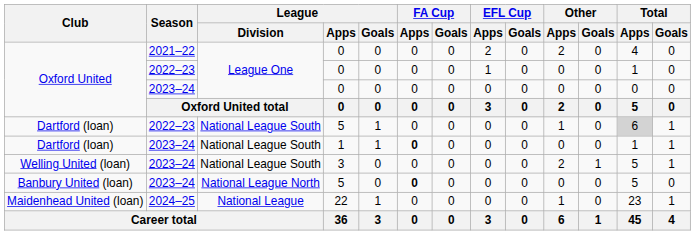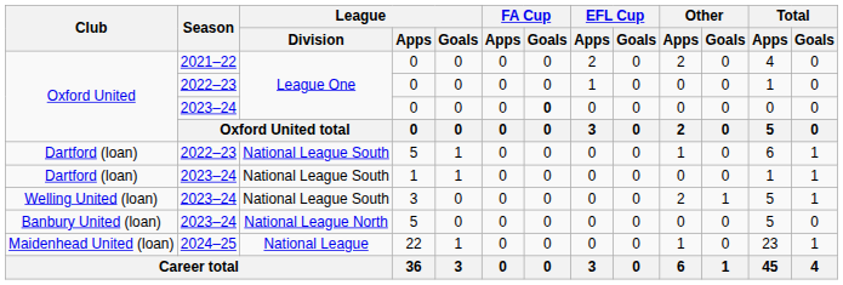 <table class="wikitable" style="text-align:center">
 <tr>
 <th rowspan="2">Club</th>
 <th rowspan="2">Season</th>
 <th colspan="3">League</th>
 <th colspan="2"><a href='#'>FA Cup</a></th>
 <th colspan="2"><a href='#'>EFL Cup</a></th>
 <th colspan="2">Other</th>
 <th colspan="2">Total</th>
 </tr>
 <tr>
 <th>Division</th>
 <th>Apps</th>
 <th>Goals</th>
 <th>Apps</th>
 <th>Goals</th>
 <th>Apps</th>
 <th>Goals</th>
 <th>Apps</th>
 <th>Goals</th>
 <th>Apps</th>
 <th>Goals</th>
 </tr>
 <tr>
 <td rowspan="4"><a href='#'>Oxford United</a></td>
 <td><a href='#'>2021–22</a></td>
 <td rowspan="3"><a href='#'>League One</a></td>
 <td>0</td>
 <td>0</td>
 <td>0</td>
 <td>0</td>
 <td>2</td>
 <td>0</td>
 <td>2</td>
 <td>0</td>
 <td>4</td>
 <td>0</td>
 </tr>
 <tr>
 <td><a href='#'>2022–23</a></td>
 <td>0</td>
 <td>0</td>
 <td>0</td>
 <td>0</td>
 <td>1</td>
 <td>0</td>
 <td>0</td>
 <td>0</td>
 <td>1</td>
 <td>0</td>
 </tr>
 <tr>
 <td><a href='#'>2023–24</a></td>
 <td>0</td>
 <td>0</td>
 <td>0</td>
-<td>0</td>
+<td><strong>0</strong></td>
 <td>0</td>
 <td>0</td>
 <td>0</td>
 <td>0</td>
 <td>0</td>
 <td>0</td>
 </tr>
 <tr>
 <th colspan="2">Oxford United total</th>
 <th>0</th>
 <th>0</th>
 <th>0</th>
 <th>0</th>
 <th>3</th>
 <th>0</th>
 <th>2</th>
 <th>0</th>
 <th>5</th>
 <th>0</th>
 </tr>
 <tr>
 <td><a href='#'>Dartford</a> (loan)</td>
 <td><a href='#'>2022–23</a></td>
 <td><a href='#'>National League South</a></td>
 <td>5</td>
 <td>1</td>
 <td>0</td>
 <td>0</td>
 <td>0</td>
 <td>0</td>
 <td>1</td>
 <td>0</td>
-<td style="background: lightgrey;">6</td>
+<td>6</td>
 <td>1</td>
 </tr>
 <tr>
 <td><a href='#'>Dartford</a> (loan)</td>
 <td><a href='#'>2023–24</a></td>
 <td>National League South</td>
 <td>1</td>
 <td>1</td>
-<td><strong>0</strong></td>
+<td>0</td>
 <td>0</td>
 <td>0</td>
 <td>0</td>
 <td>0</td>
 <td>0</td>
 <td>1</td>
 <td>1</td>
 </tr>
 <tr>
 <td><a href='#'>Welling United</a> (loan)</td>
 <td><a href='#'>2023–24</a></td>
 <td>National League South</td>
 <td>3</td>
 <td>0</td>
 <td>0</td>
 <td>0</td>
 <td>0</td>
 <td>0</td>
 <td>2</td>
 <td>1</td>
 <td>5</td>
 <td>1</td>
 </tr>
 <tr>
 <td><a href='#'>Banbury United</a> (loan)</td>
 <td><a href='#'>2023–24</a></td>
 <td><a href='#'>National League North</a></td>
 <td>5</td>
 <td>0</td>
-<td><strong>0</strong></td>
+<td>0</td>
 <td>0</td>
 <td>0</td>
 <td>0</td>
 <td>0</td>
 <td>0</td>
 <td>5</td>
 <td>0</td>
 </tr>
 <tr>
 <td><a href='#'>Maidenhead United</a> (loan)</td>
 <td><a href='#'>2024–25</a></td>
 <td><a href='#'>National League</a></td>
 <td>22</td>
 <td>1</td>
 <td>0</td>
 <td>0</td>
 <td>0</td>
 <td>0</td>
 <td>1</td>
 <td>0</td>
 <td>23</td>
 <td>1</td>
 </tr>
 <tr>
 <th colspan="3">Career total</th>
 <th>36</th>
 <th>3</th>
 <th>0</th>
 <th>0</th>
 <th>3</th>
 <th>0</th>
 <th>6</th>
 <th>1</th>
 <th>45</th>
 <th>4</th>
 </tr>
 </table>
